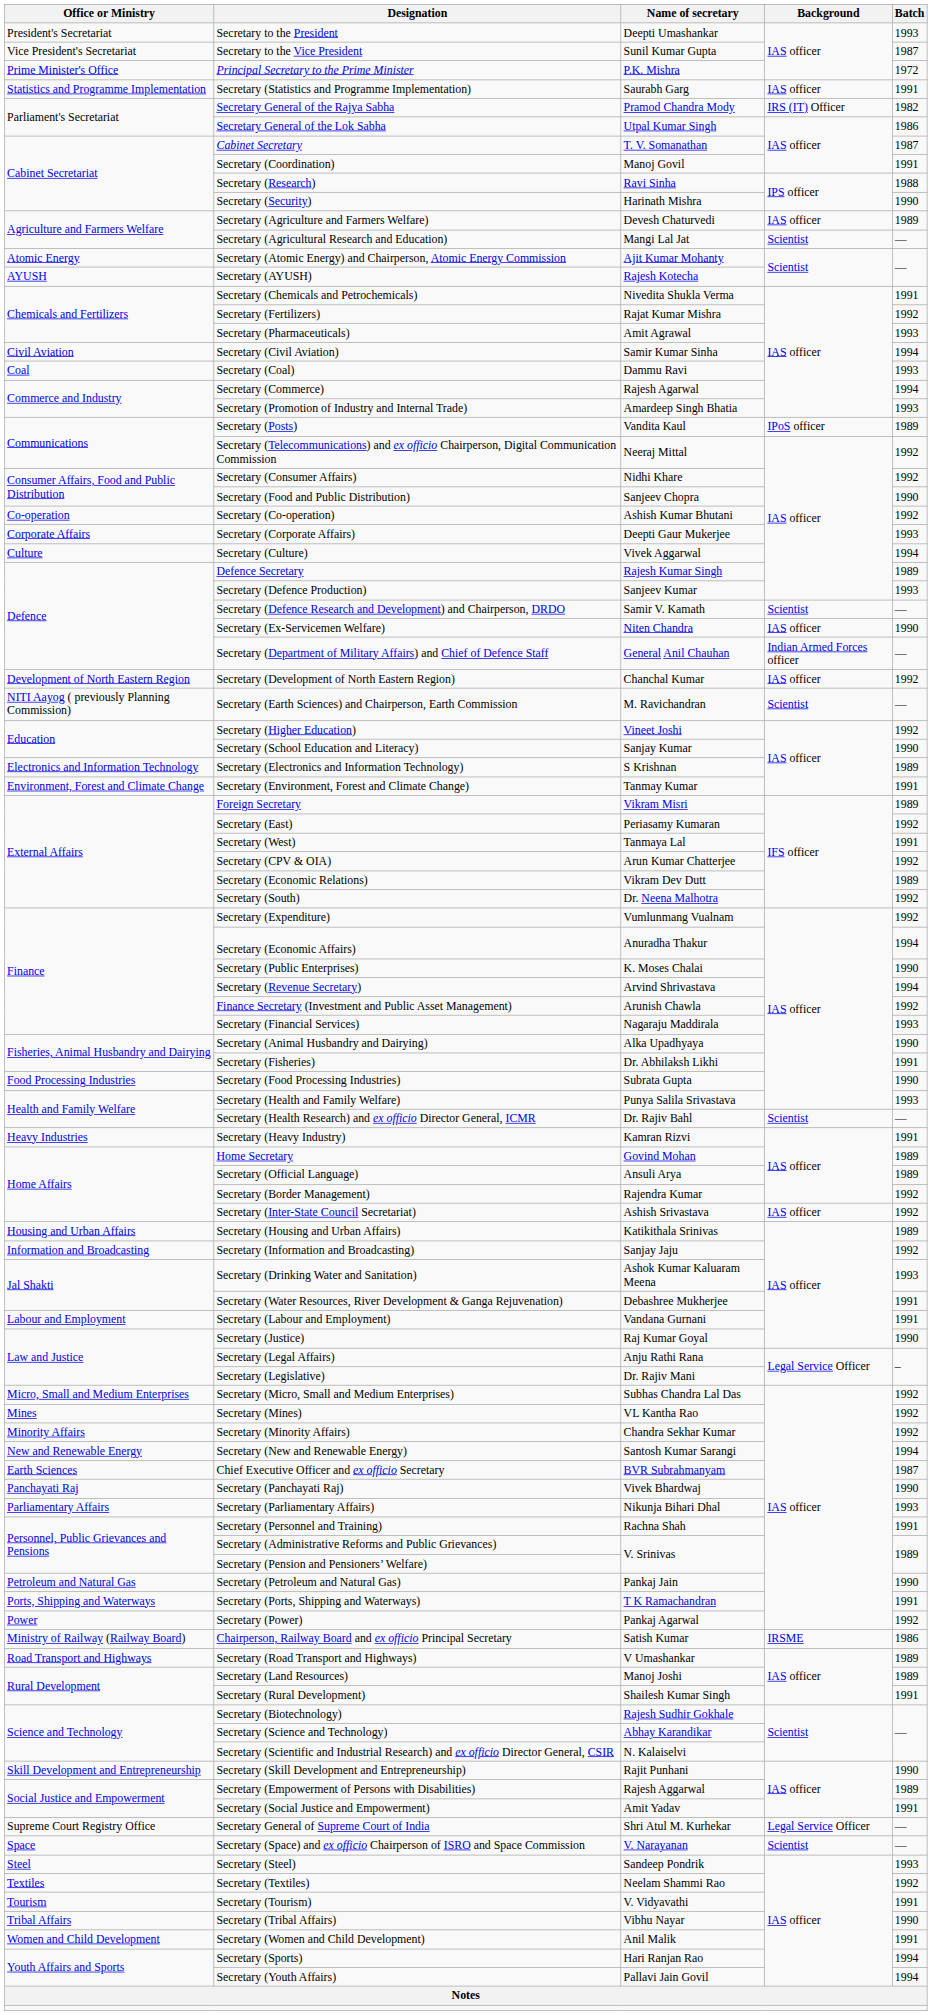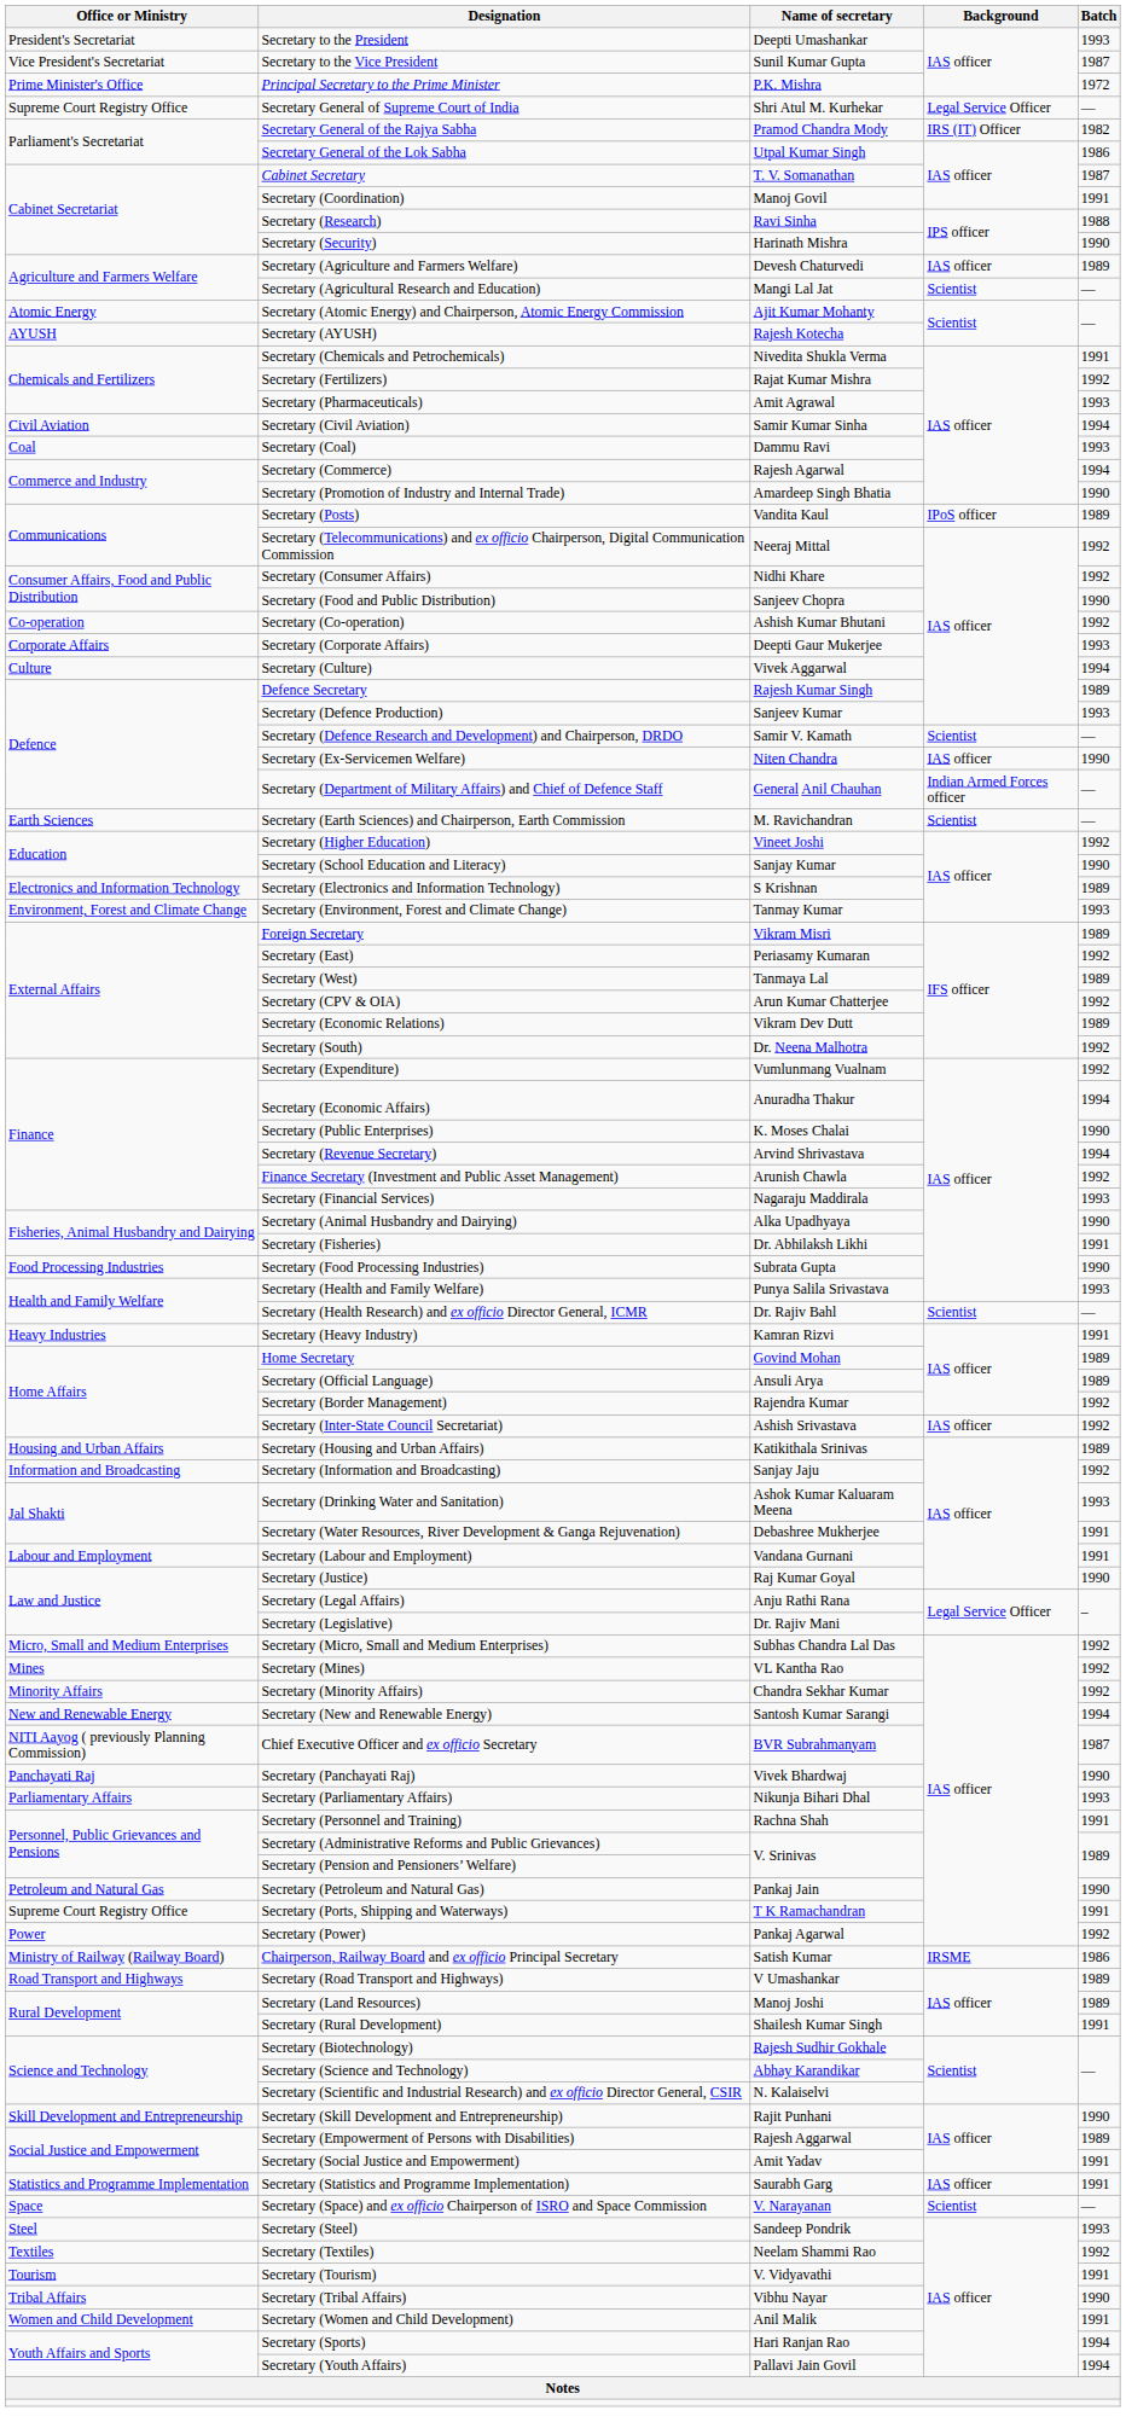 <table class="wikitable sortable mw-collapsible">
 <tr>
 <th style="padding-center:15px;">Office or Ministry</th>
 <th style="padding-center:15px;">Designation</th>
 <th style="padding-center:15px;">Name of secretary</th>
 <th style="padding-center:15px;">Background</th>
 <th style="padding-center:15px;">Batch</th>
 </tr>
 <tr>
 <td>President's Secretariat</td>
 <td>Secretary to the <a href='#'>President</a></td>
 <td>Deepti Umashankar</td>
 <td rowspan="3"><a href='#'>IAS</a> officer</td>
 <td>1993</td>
 </tr>
 <tr>
 <td>Vice President's Secretariat</td>
 <td>Secretary to the <a href='#'>Vice President</a></td>
 <td>Sunil Kumar Gupta</td>
 <td>1987</td>
 </tr>
 <tr>
 <td><a href='#'>Prime Minister's Office</a></td>
 <td><a href='#'><em>Principal Secretary to the Prime Minister</em></a></td>
 <td><a href='#'>P.K. Mishra</a></td>
 <td>1972</td>
 </tr>
 <tr>
-<td><a href='#'>Statistics and Programme Implementation</a></td>
-<td>Secretary (Statistics and Programme Implementation)</td>
-<td>Saurabh Garg</td>
-<td><a href='#'>IAS</a> officer</td>
-<td>1991</td>
+<td>Supreme Court Registry Office</td>
+<td>Secretary General of <a href='#'>Supreme Court of India</a></td>
+<td>Shri Atul M. Kurhekar</td>
+<td><a href='#'>Legal Service</a> Officer</td>
+<td>—</td>
 </tr>
 <tr>
 <td rowspan="2">Parliament's Secretariat</td>
 <td><a href='#'>Secretary General of the Rajya Sabha</a></td>
 <td><a href='#'>Pramod Chandra Mody</a></td>
 <td><a href='#'>IRS (IT)</a> Officer</td>
 <td>1982</td>
 </tr>
 <tr>
 <td><a href='#'>Secretary General of the Lok Sabha</a></td>
 <td><a href='#'>Utpal Kumar Singh</a></td>
 <td rowspan="3"><a href='#'>IAS</a> officer</td>
 <td>1986</td>
 </tr>
 <tr>
 <td rowspan="4"><a href='#'>Cabinet Secretariat</a></td>
 <td><a href='#'><em>Cabinet Secretary</em></a></td>
 <td><a href='#'>T. V. Somanathan</a></td>
 <td>1987</td>
 </tr>
 <tr>
 <td>Secretary (Coordination)</td>
 <td>Manoj Govil</td>
 <td>1991</td>
 </tr>
 <tr>
 <td>Secretary (<a href='#'>Research</a>)</td>
 <td><a href='#'>Ravi Sinha</a></td>
 <td rowspan="2"><a href='#'>IPS</a> officer</td>
 <td>1988</td>
 </tr>
 <tr>
 <td>Secretary (<a href='#'>Security</a>)</td>
 <td>Harinath Mishra</td>
 <td>1990</td>
 </tr>
 <tr>
 <td rowspan="2"><a href='#'>Agriculture and Farmers Welfare</a></td>
 <td>Secretary (Agriculture and Farmers Welfare)</td>
 <td>Devesh Chaturvedi</td>
 <td><a href='#'>IAS</a> officer</td>
 <td>1989</td>
 </tr>
 <tr>
 <td>Secretary (Agricultural Research and Education)</td>
 <td>Mangi Lal Jat</td>
 <td><a href='#'>Scientist</a></td>
 <td>—</td>
 </tr>
 <tr>
 <td><a href='#'>Atomic Energy</a></td>
 <td>Secretary (Atomic Energy) and Chairperson, <a href='#'>Atomic Energy Commission</a></td>
 <td><a href='#'>Ajit Kumar Mohanty</a></td>
 <td rowspan="2"><a href='#'>Scientist</a></td>
 <td rowspan="2">—</td>
 </tr>
 <tr>
 <td><a href='#'>AYUSH</a></td>
 <td>Secretary (AYUSH)</td>
 <td><a href='#'>Rajesh Kotecha</a></td>
 </tr>
 <tr>
 <td rowspan="3"><a href='#'>Chemicals and Fertilizers</a></td>
 <td>Secretary (Chemicals and Petrochemicals)</td>
 <td>Nivedita Shukla Verma</td>
 <td rowspan="7"><a href='#'>IAS</a> officer</td>
 <td>1991</td>
 </tr>
 <tr>
 <td>Secretary (Fertilizers)</td>
 <td>Rajat Kumar Mishra</td>
 <td>1992</td>
 </tr>
 <tr>
 <td>Secretary (Pharmaceuticals)</td>
 <td>Amit Agrawal</td>
 <td>1993</td>
 </tr>
 <tr>
 <td><a href='#'>Civil Aviation</a></td>
 <td>Secretary (Civil Aviation)</td>
 <td>Samir Kumar Sinha</td>
 <td>1994</td>
 </tr>
 <tr>
 <td><a href='#'>Coal</a></td>
 <td>Secretary (Coal)</td>
 <td>Dammu Ravi</td>
 <td>1993</td>
 </tr>
 <tr>
 <td rowspan="2"><a href='#'>Commerce and Industry</a></td>
 <td>Secretary (Commerce)</td>
 <td>Rajesh Agarwal</td>
 <td>1994</td>
 </tr>
 <tr>
 <td>Secretary (Promotion of Industry and Internal Trade)</td>
 <td>Amardeep Singh Bhatia</td>
-<td>1993</td>
+<td>1990</td>
 </tr>
 <tr>
 <td rowspan="2"><a href='#'>Communications</a></td>
 <td>Secretary (<a href='#'>Posts</a>)</td>
 <td>Vandita Kaul</td>
 <td><a href='#'>IPoS</a> officer</td>
 <td>1989</td>
 </tr>
 <tr>
 <td>Secretary (<a href='#'>Telecommunications</a>) and <em><a href='#'>ex officio</a></em> Chairperson, Digital Communication Commission</td>
 <td>Neeraj Mittal</td>
 <td rowspan="8"><a href='#'>IAS</a> officer</td>
 <td>1992</td>
 </tr>
 <tr>
 <td rowspan="2"><a href='#'>Consumer Affairs, Food and Public Distribution</a></td>
 <td>Secretary (Consumer Affairs)</td>
 <td>Nidhi Khare</td>
 <td>1992</td>
 </tr>
 <tr>
 <td>Secretary (Food and Public Distribution)</td>
 <td>Sanjeev Chopra</td>
 <td>1990</td>
 </tr>
 <tr>
 <td><a href='#'>Co-operation</a></td>
 <td>Secretary (Co-operation)</td>
 <td>Ashish Kumar Bhutani</td>
 <td>1992</td>
 </tr>
 <tr>
 <td><a href='#'>Corporate Affairs</a></td>
 <td>Secretary (Corporate Affairs)</td>
 <td>Deepti Gaur Mukerjee</td>
 <td>1993</td>
 </tr>
 <tr>
 <td><a href='#'>Culture</a></td>
 <td>Secretary (Culture)</td>
 <td>Vivek Aggarwal</td>
 <td>1994</td>
 </tr>
 <tr>
 <td rowspan="5"><a href='#'>Defence</a></td>
 <td><a href='#'>Defence Secretary</a></td>
 <td><a href='#'>Rajesh Kumar Singh</a>  </td>
 <td>1989</td>
 </tr>
 <tr>
 <td>Secretary (Defence Production)</td>
 <td>Sanjeev Kumar</td>
 <td>1993</td>
 </tr>
 <tr>
 <td>Secretary (<a href='#'>Defence Research and Development</a>) and Chairperson, <a href='#'>DRDO</a></td>
 <td>Samir V. Kamath</td>
 <td><a href='#'>Scientist</a></td>
 <td>—</td>
 </tr>
 <tr>
 <td>Secretary (Ex-Servicemen Welfare)</td>
 <td><a href='#'>Niten Chandra</a></td>
 <td><a href='#'>IAS</a> officer</td>
 <td>1990</td>
 </tr>
 <tr>
 <td>Secretary (<a href='#'>Department of Military Affairs</a>) and <a href='#'>Chief of Defence Staff</a></td>
 <td><a href='#'>General</a> <a href='#'>Anil Chauhan</a></td>
 <td><a href='#'>Indian Armed Forces</a> officer</td>
 <td>—</td>
 </tr>
 <tr>
-<td><a href='#'>Development of North Eastern Region</a></td>
-<td>Secretary (Development of North Eastern Region)</td>
-<td>Chanchal Kumar</td>
-<td><a href='#'>IAS</a> officer</td>
-<td>1992</td>
-</tr>
-<tr>
-<td><a href='#'>NITI Aayog</a> ( previously Planning Commission)</td>
+<td><a href='#'>Earth Sciences</a></td>
 <td>Secretary (Earth Sciences) and Chairperson, Earth Commission</td>
 <td>M. Ravichandran</td>
 <td><a href='#'>Scientist</a></td>
 <td>—</td>
 </tr>
 <tr>
 <td rowspan="2"><a href='#'>Education</a></td>
 <td>Secretary (<a href='#'>Higher Education</a>)</td>
 <td><a href='#'>Vineet Joshi</a></td>
 <td rowspan=4><a href='#'>IAS</a> officer</td>
 <td>1992</td>
 </tr>
 <tr>
 <td>Secretary (School Education and Literacy)</td>
 <td>Sanjay Kumar</td>
 <td>1990</td>
 </tr>
 <tr>
 <td><a href='#'>Electronics and Information Technology</a></td>
 <td>Secretary (Electronics and Information Technology)</td>
 <td>S Krishnan</td>
 <td>1989</td>
 </tr>
 <tr>
 <td><a href='#'>Environment, Forest and Climate Change</a></td>
 <td>Secretary (Environment, Forest and Climate Change)</td>
 <td>Tanmay Kumar</td>
-<td>1991</td>
+<td>1993</td>
 </tr>
 <tr>
 <td rowspan="6"><a href='#'>External Affairs</a></td>
 <td><a href='#'>Foreign Secretary</a></td>
 <td><a href='#'>Vikram Misri</a></td>
 <td rowspan="6"><a href='#'>IFS</a> officer</td>
 <td>1989</td>
 </tr>
 <tr>
 <td>Secretary (East)</td>
 <td>Periasamy Kumaran</td>
 <td>1992</td>
 </tr>
 <tr>
 <td>Secretary (West)</td>
 <td>Tanmaya Lal</td>
-<td>1991</td>
+<td>1989</td>
 </tr>
 <tr>
 <td>Secretary (CPV & OIA)</td>
 <td>Arun Kumar Chatterjee</td>
 <td>1992</td>
 </tr>
 <tr>
 <td>Secretary (Economic Relations)</td>
 <td>Vikram Dev Dutt</td>
 <td>1989</td>
 </tr>
 <tr>
 <td>Secretary  (South)</td>
 <td>Dr. <a href='#'>Neena Malhotra</a></td>
 <td>1992</td>
 </tr>
 <tr>
 <td rowspan="6"><a href='#'>Finance</a></td>
 <td>Secretary (Expenditure)</td>
 <td>Vumlunmang Vualnam</td>
 <td rowspan="10"><a href='#'>IAS</a> officer</td>
 <td>1992</td>
 </tr>
 <tr>
 <td><br>Secretary (Economic Affairs)</td>
 <td>Anuradha Thakur</td>
 <td>1994</td>
 </tr>
 <tr>
 <td>Secretary (Public Enterprises)</td>
 <td>K. Moses Chalai</td>
 <td>1990</td>
 </tr>
 <tr>
 <td>Secretary (<a href='#'>Revenue Secretary</a>)</td>
 <td>Arvind Shrivastava</td>
 <td>1994</td>
 </tr>
 <tr>
 <td><a href='#'>Finance Secretary</a>  (Investment and Public Asset Management)</td>
 <td>Arunish Chawla</td>
 <td>1992</td>
 </tr>
 <tr>
 <td>Secretary (Financial Services)</td>
 <td>Nagaraju Maddirala</td>
 <td>1993</td>
 </tr>
 <tr>
 <td rowspan="2"><a href='#'>Fisheries, Animal Husbandry and Dairying</a></td>
 <td>Secretary (Animal Husbandry and Dairying)</td>
 <td>Alka Upadhyaya</td>
 <td>1990</td>
 </tr>
 <tr>
 <td>Secretary (Fisheries)</td>
 <td>Dr. Abhilaksh Likhi</td>
 <td>1991</td>
 </tr>
 <tr>
 <td><a href='#'>Food Processing Industries</a></td>
 <td>Secretary (Food Processing Industries)</td>
 <td>Subrata Gupta</td>
 <td>1990</td>
 </tr>
 <tr>
 <td rowspan="2"><a href='#'>Health and Family Welfare</a></td>
 <td>Secretary (Health and Family Welfare)</td>
 <td>Punya Salila Srivastava</td>
 <td>1993</td>
 </tr>
 <tr>
 <td>Secretary (Health Research) and <em><a href='#'>ex officio</a></em> Director General, <a href='#'>ICMR</a></td>
 <td>Dr. Rajiv Bahl</td>
 <td><a href='#'>Scientist</a></td>
 <td>—</td>
 </tr>
 <tr>
 <td><a href='#'>Heavy Industries</a></td>
 <td>Secretary (Heavy Industry)</td>
 <td>Kamran Rizvi</td>
 <td rowspan="4"><a href='#'>IAS</a> officer</td>
 <td>1991</td>
 </tr>
 <tr>
 <td rowspan="4"><a href='#'>Home Affairs</a></td>
 <td><a href='#'> Home Secretary</a></td>
 <td><a href='#'>Govind Mohan</a></td>
 <td>1989</td>
 </tr>
 <tr>
 <td>Secretary (Official Language)</td>
 <td>Ansuli Arya</td>
 <td>1989</td>
 </tr>
 <tr>
 <td>Secretary (Border Management)</td>
 <td>Rajendra Kumar</td>
 <td>1992</td>
 </tr>
 <tr>
 <td>Secretary (<a href='#'>Inter-State Council</a> Secretariat)</td>
 <td>Ashish Srivastava</td>
 <td><a href='#'>IAS</a> officer</td>
 <td>1992</td>
 </tr>
 <tr>
 <td><a href='#'>Housing and Urban Affairs</a></td>
 <td>Secretary (Housing and Urban Affairs)</td>
 <td>Katikithala Srinivas</td>
 <td rowspan="6"><a href='#'>IAS</a> officer</td>
 <td>1989</td>
 </tr>
 <tr>
 <td><a href='#'>Information and Broadcasting</a></td>
 <td>Secretary (Information and Broadcasting)</td>
 <td>Sanjay Jaju</td>
 <td>1992</td>
 </tr>
 <tr>
 <td rowspan="2"><a href='#'>Jal Shakti</a></td>
 <td>Secretary (Drinking Water and Sanitation)</td>
 <td>Ashok Kumar Kaluaram Meena</td>
 <td>1993</td>
 </tr>
 <tr>
 <td>Secretary (Water Resources, River Development & Ganga Rejuvenation)</td>
 <td>Debashree Mukherjee</td>
 <td>1991</td>
 </tr>
 <tr>
 <td><a href='#'>Labour and Employment</a></td>
 <td>Secretary (Labour and Employment)</td>
 <td>Vandana Gurnani</td>
 <td>1991</td>
 </tr>
 <tr>
 <td rowspan="3"><a href='#'>Law and Justice</a></td>
 <td>Secretary (Justice)</td>
 <td>Raj Kumar Goyal</td>
 <td>1990</td>
 </tr>
 <tr>
 <td>Secretary (Legal Affairs)</td>
 <td>Anju Rathi Rana</td>
 <td rowspan="2"><a href='#'>Legal Service</a> Officer</td>
 <td rowspan="2">–</td>
 </tr>
 <tr>
 <td>Secretary (Legislative)</td>
 <td>Dr. Rajiv Mani</td>
 </tr>
 <tr>
 <td><a href='#'>Micro, Small and Medium Enterprises</a></td>
 <td>Secretary (Micro, Small and Medium Enterprises)</td>
 <td>Subhas Chandra Lal Das</td>
 <td rowspan="13"><a href='#'>IAS</a> officer</td>
 <td>1992</td>
 </tr>
 <tr>
 <td><a href='#'>Mines</a></td>
 <td>Secretary (Mines)</td>
 <td>VL Kantha Rao</td>
 <td>1992</td>
 </tr>
 <tr>
 <td><a href='#'>Minority Affairs</a></td>
 <td>Secretary (Minority Affairs)</td>
 <td>Chandra Sekhar Kumar</td>
 <td>1992</td>
 </tr>
 <tr>
 <td><a href='#'>New and Renewable Energy</a></td>
 <td>Secretary (New and Renewable Energy)</td>
 <td>Santosh Kumar Sarangi</td>
 <td>1994</td>
 </tr>
 <tr>
-<td><a href='#'>Earth Sciences</a></td>
+<td><a href='#'>NITI Aayog</a> ( previously Planning Commission)</td>
 <td>Chief Executive Officer and <em><a href='#'>ex officio</a></em> Secretary</td>
 <td><a href='#'>BVR Subrahmanyam</a></td>
 <td>1987</td>
 </tr>
 <tr>
 <td><a href='#'>Panchayati Raj</a></td>
 <td>Secretary (Panchayati Raj)</td>
 <td>Vivek Bhardwaj</td>
 <td>1990</td>
 </tr>
 <tr>
 <td><a href='#'>Parliamentary Affairs</a></td>
 <td>Secretary (Parliamentary Affairs)</td>
 <td>Nikunja Bihari Dhal</td>
 <td>1993</td>
 </tr>
 <tr>
 <td rowspan="3"><a href='#'>Personnel, Public Grievances and Pensions</a></td>
 <td>Secretary (Personnel and Training)</td>
 <td>Rachna Shah</td>
 <td>1991</td>
 </tr>
 <tr>
 <td>Secretary (Administrative Reforms and Public Grievances)</td>
 <td rowspan="2">V. Srinivas</td>
 <td rowspan="2">1989</td>
 </tr>
 <tr>
 <td>Secretary (Pension and Pensioners’ Welfare)</td>
 </tr>
 <tr>
 <td><a href='#'>Petroleum and Natural Gas</a></td>
 <td>Secretary (Petroleum and Natural Gas)</td>
 <td>Pankaj Jain</td>
 <td>1990</td>
 </tr>
 <tr>
-<td><a href='#'>Ports, Shipping and Waterways</a></td>
+<td>Supreme Court Registry Office</td>
 <td>Secretary (Ports, Shipping and Waterways)</td>
 <td><a href='#'>T K Ramachandran</a></td>
 <td>1991</td>
 </tr>
 <tr>
 <td><a href='#'>Power</a></td>
 <td>Secretary (Power)</td>
 <td>Pankaj Agarwal</td>
 <td>1992</td>
 </tr>
 <tr>
 <td><a href='#'>Ministry of Railway</a> (<a href='#'>Railway Board</a>)</td>
 <td><a href='#'>Chairperson, Railway Board</a> and <em><a href='#'>ex officio</a></em> Principal Secretary</td>
 <td>Satish Kumar</td>
 <td><a href='#'>IRSME</a></td>
 <td>1986</td>
 </tr>
 <tr>
 <td><a href='#'>Road Transport and Highways</a></td>
 <td>Secretary (Road Transport and Highways)</td>
 <td>V Umashankar</td>
 <td rowspan="3"><a href='#'>IAS</a> officer</td>
 <td>1989</td>
 </tr>
 <tr>
 <td rowspan="2"><a href='#'>Rural Development</a></td>
 <td>Secretary (Land Resources)</td>
 <td>Manoj Joshi</td>
 <td>1989</td>
 </tr>
 <tr>
 <td>Secretary (Rural Development)</td>
 <td>Shailesh Kumar Singh</td>
 <td>1991</td>
 </tr>
 <tr>
 <td rowspan="3"><a href='#'>Science and Technology</a></td>
 <td>Secretary (Biotechnology)</td>
 <td><a href='#'>Rajesh Sudhir Gokhale</a></td>
 <td rowspan="3"><a href='#'>Scientist</a></td>
 <td rowspan="3">—</td>
 </tr>
 <tr>
 <td>Secretary (Science and Technology)</td>
 <td><a href='#'>Abhay Karandikar</a></td>
 </tr>
 <tr>
 <td>Secretary (Scientific and Industrial Research) and <em><a href='#'>ex officio</a></em> Director General, <a href='#'>CSIR</a></td>
 <td>N. Kalaiselvi</td>
 </tr>
 <tr>
 <td><a href='#'>Skill Development and Entrepreneurship</a></td>
 <td>Secretary (Skill Development and Entrepreneurship)</td>
 <td>Rajit Punhani</td>
 <td rowspan="3"><a href='#'>IAS</a> officer</td>
 <td>1990</td>
 </tr>
 <tr>
 <td rowspan="2"><a href='#'>Social Justice and Empowerment</a></td>
 <td>Secretary (Empowerment of Persons with Disabilities)</td>
 <td>Rajesh Aggarwal</td>
 <td>1989</td>
 </tr>
 <tr>
 <td>Secretary (Social Justice and Empowerment)</td>
 <td>Amit Yadav</td>
 <td>1991</td>
 </tr>
 <tr>
-<td>Supreme Court Registry Office</td>
-<td>Secretary General of <a href='#'>Supreme Court of India</a></td>
-<td>Shri Atul M. Kurhekar</td>
-<td><a href='#'>Legal Service</a> Officer</td>
-<td>—</td>
+<td><a href='#'>Statistics and Programme Implementation</a></td>
+<td>Secretary (Statistics and Programme Implementation)</td>
+<td>Saurabh Garg</td>
+<td><a href='#'>IAS</a> officer</td>
+<td>1991</td>
 </tr>
 <tr>
 <td><a href='#'>Space</a></td>
 <td>Secretary (Space) and <em><a href='#'>ex officio</a></em> Chairperson of <a href='#'>ISRO</a> and Space Commission</td>
 <td><a href='#'>V. Narayanan</a></td>
 <td><a href='#'>Scientist</a></td>
 <td>—</td>
 </tr>
 <tr>
 <td><a href='#'>Steel</a></td>
 <td>Secretary (Steel)</td>
 <td>Sandeep Pondrik</td>
 <td rowspan="7"><a href='#'>IAS</a> officer</td>
 <td>1993</td>
 </tr>
 <tr>
 <td><a href='#'>Textiles</a></td>
 <td>Secretary (Textiles)</td>
 <td>Neelam Shammi Rao</td>
 <td>1992</td>
 </tr>
 <tr>
 <td><a href='#'>Tourism</a></td>
 <td>Secretary (Tourism)</td>
 <td>V. Vidyavathi</td>
 <td>1991</td>
 </tr>
 <tr>
 <td><a href='#'>Tribal Affairs</a></td>
 <td>Secretary (Tribal Affairs)</td>
 <td>Vibhu Nayar</td>
 <td>1990</td>
 </tr>
 <tr>
 <td><a href='#'>Women and Child Development</a></td>
 <td>Secretary (Women and Child Development)</td>
 <td>Anil Malik</td>
 <td>1991</td>
 </tr>
 <tr>
 <td rowspan="2"><a href='#'>Youth Affairs and Sports</a></td>
 <td>Secretary (Sports)</td>
 <td>Hari Ranjan Rao</td>
 <td>1994</td>
 </tr>
 <tr>
 <td>Secretary (Youth Affairs)</td>
 <td>Pallavi Jain Govil</td>
 <td>1994</td>
 </tr>
 <tr>
 <th colspan="5">Notes</th>
 </tr>
 <tr>
 <td colspan="5"></td>
 </tr>
 </table>
